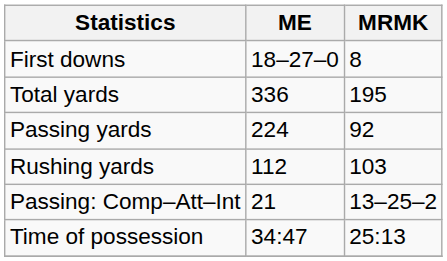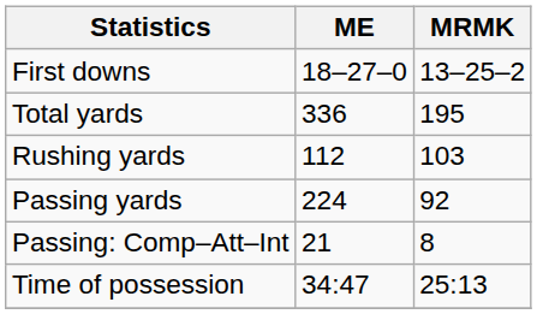 <table class="wikitable" style="float: left;">
 <tr>
 <th>Statistics</th>
 <th>ME</th>
 <th>MRMK</th>
 </tr>
 <tr>
 <td>First downs</td>
 <td>18–27–0</td>
-<td>8</td>
+<td>13–25–2</td>
 </tr>
 <tr>
 <td>Total yards</td>
 <td>336</td>
 <td>195</td>
 </tr>
 <tr>
+<td>Rushing yards</td>
+<td>112</td>
+<td>103</td>
+</tr>
+<tr>
 <td>Passing yards</td>
 <td>224</td>
 <td>92</td>
 </tr>
 <tr>
-<td>Rushing yards</td>
-<td>112</td>
-<td>103</td>
-</tr>
-<tr>
 <td>Passing: Comp–Att–Int</td>
 <td>21</td>
-<td>13–25–2</td>
+<td>8</td>
 </tr>
 <tr>
 <td>Time of possession</td>
 <td>34:47</td>
 <td>25:13</td>
 </tr>
 <tr>
 </tr>
 </table>
